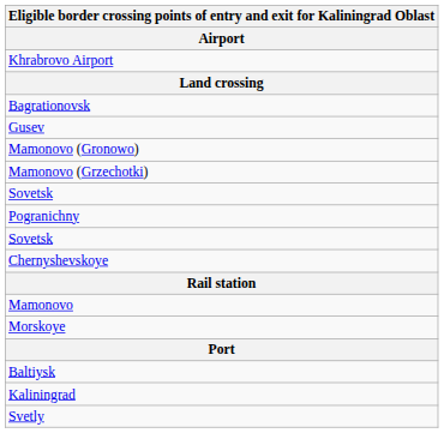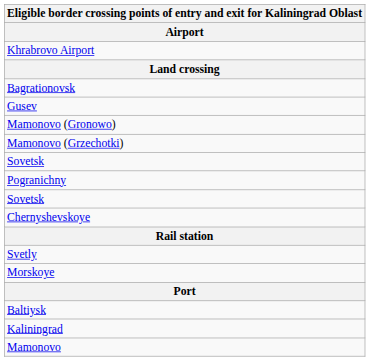 <table class="wikitable collapsible collapsed">
 <tr>
 <th>Eligible border crossing points of entry and exit for Kaliningrad Oblast</th>
 </tr>
 <tr>
 <th>Airport</th>
 </tr>
 <tr>
 <td><a href='#'>Khrabrovo Airport</a></td>
 </tr>
 <tr>
 <th>Land crossing</th>
 </tr>
 <tr>
 <td><a href='#'>Bagrationovsk</a></td>
 </tr>
 <tr>
 <td><a href='#'>Gusev</a></td>
 </tr>
 <tr>
 <td><a href='#'>Mamonovo</a> (<a href='#'>Gronowo</a>)</td>
 </tr>
 <tr>
 <td><a href='#'>Mamonovo</a> (<a href='#'>Grzechotki</a>)</td>
 </tr>
 <tr>
 <td><a href='#'>Sovetsk</a></td>
 </tr>
 <tr>
 <td><a href='#'>Pogranichny</a></td>
 </tr>
 <tr>
 <td><a href='#'>Sovetsk</a></td>
 </tr>
 <tr>
 <td><a href='#'>Chernyshevskoye</a></td>
 </tr>
 <tr>
 <th>Rail station</th>
 </tr>
 <tr>
-<td><a href='#'>Mamonovo</a></td>
+<td><a href='#'>Svetly</a></td>
 </tr>
 <tr>
 <td><a href='#'>Morskoye</a></td>
 </tr>
 <tr>
 <th>Port</th>
 </tr>
 <tr>
 <td><a href='#'>Baltiysk</a></td>
 </tr>
 <tr>
 <td><a href='#'>Kaliningrad</a></td>
 </tr>
 <tr>
-<td><a href='#'>Svetly</a></td>
+<td><a href='#'>Mamonovo</a></td>
 </tr>
 </table>
